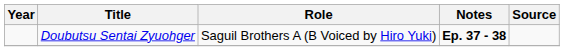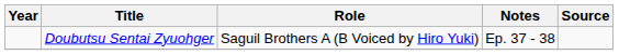 <table class="wikitable sortable plainrowheaders">
 <tr>
 <th>Year</th>
 <th>Title</th>
 <th>Role</th>
 <th class="unsortable">Notes</th>
 <th class="unsortable">Source</th>
 </tr>
 <tr>
 <td></td>
 <td><em><a href='#'>Doubutsu Sentai Zyuohger</a></em></td>
 <td>Saguil Brothers A (B Voiced by <a href='#'>Hiro Yuki</a>)</td>
-<td><strong>Ep. 37 - 38</strong></td>
+<td>Ep. 37 - 38</td>
 <td></td>
 </tr>
 <tr>
 </tr>
 </table>
